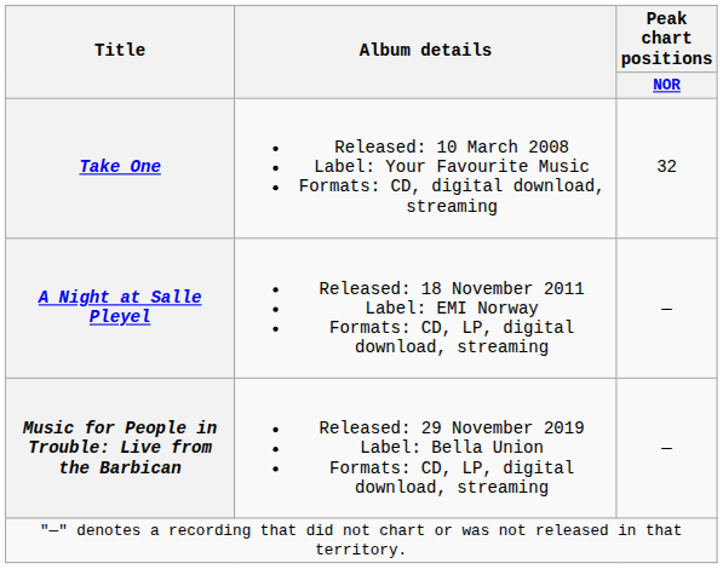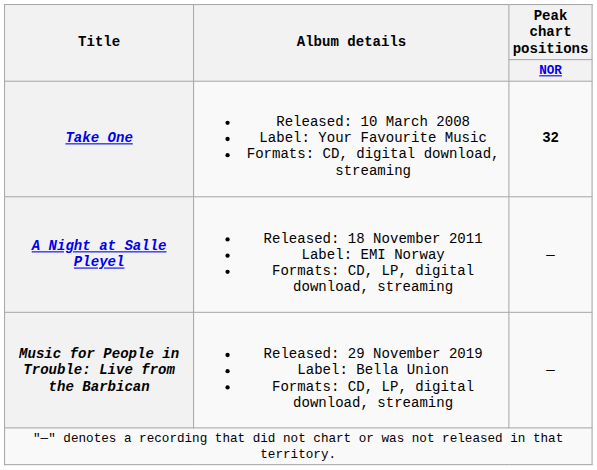 <table class="wikitable plainrowheaders" style="text-align:center;">
 <tr>
 <th rowspan="2" scope="col" style="width:13em;">Title</th>
 <th rowspan="2" scope="col" style="width:22em;">Album details</th>
 <th colspan="1" scope="col">Peak chart positions</th>
 </tr>
 <tr>
 <th scope="col" style="width:3em;font-size:90%;"><a href='#'>NOR</a><br></th>
 </tr>
 <tr>
 <th scope="row"><em><a href='#'>Take One</a></em></th>
 <td><br><ul><li>Released: 10 March 2008</li><li>Label: Your Favourite Music</li><li>Formats: CD, digital download, streaming</li></ul></td>
-<td>32</td>
+<td><strong>32</strong></td>
 </tr>
 <tr>
 <th scope="row"><em><a href='#'>A Night at Salle Pleyel</a></em></th>
 <td><br><ul><li>Released: 18 November 2011</li><li>Label: EMI Norway</li><li>Formats: CD, LP, digital download, streaming</li></ul></td>
 <td>—</td>
 </tr>
 <tr>
 <th scope="row"><em>Music for People in Trouble: Live from the Barbican</em></th>
 <td><br><ul><li>Released: 29 November 2019</li><li>Label: Bella Union</li><li>Formats: CD, LP, digital download, streaming</li></ul></td>
 <td>—</td>
 </tr>
 <tr>
 <td colspan="5" style="font-size:90%;">"—" denotes a recording that did not chart or was not released in that territory.</td>
 </tr>
 </table>
